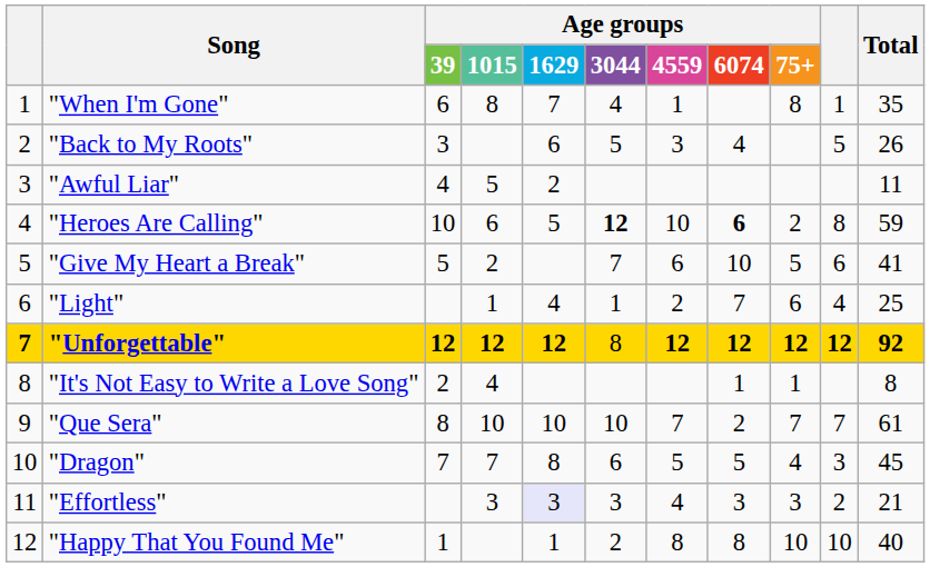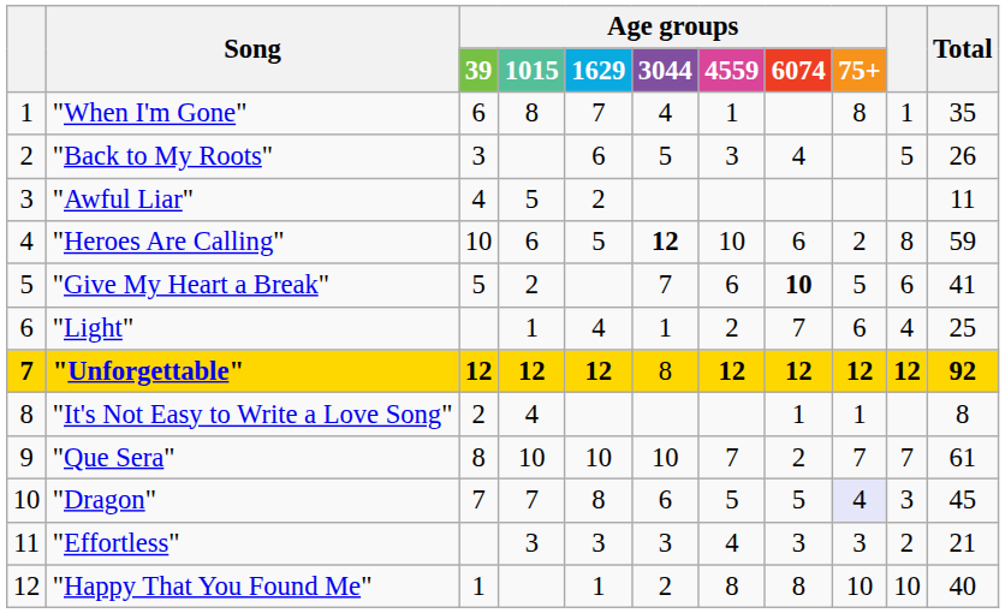 <table class="wikitable" style="margin: 1em auto 1em auto; text-align:center;">
 <tr>
 <th rowspan="2"></th>
 <th rowspan="2">Song</th>
 <th colspan="7">Age groups</th>
 <th rowspan="2"></th>
 <th rowspan="2">Total</th>
 </tr>
 <tr>
 <th style="background:#76C043;color:white;">39</th>
 <th style="background:#55BF9A;color:white;">1015</th>
 <th style="background:#09AAE0;color:white;">1629</th>
 <th style="background:#804F9F;color:white;">3044</th>
 <th style="background:#D94599;color:white;">4559</th>
 <th style="background:#ED3E23;color:white;">6074</th>
 <th style="background:#F6931D;color:white;">75+</th>
 </tr>
 <tr>
 <td>1</td>
 <td align="left">"<a href='#'>When I'm Gone</a>"</td>
 <td>6</td>
 <td>8</td>
 <td>7</td>
 <td>4</td>
 <td>1</td>
 <td></td>
 <td>8</td>
 <td>1</td>
 <td>35</td>
 </tr>
 <tr>
 <td>2</td>
 <td align="left">"<a href='#'>Back to My Roots</a>"</td>
 <td>3</td>
 <td></td>
 <td>6</td>
 <td>5</td>
 <td>3</td>
 <td>4</td>
 <td></td>
 <td>5</td>
 <td>26</td>
 </tr>
 <tr>
 <td>3</td>
 <td align="left">"<a href='#'>Awful Liar</a>"</td>
 <td>4</td>
 <td>5</td>
 <td>2</td>
 <td></td>
 <td></td>
 <td></td>
 <td></td>
 <td></td>
 <td>11</td>
 </tr>
 <tr>
 <td>4</td>
 <td align="left">"<a href='#'>Heroes Are Calling</a>"</td>
 <td>10</td>
 <td>6</td>
 <td>5</td>
 <td><strong>12</strong></td>
 <td>10</td>
-<td><strong>6</strong></td>
+<td>6</td>
 <td>2</td>
 <td>8</td>
 <td>59</td>
 </tr>
 <tr>
 <td>5</td>
 <td align="left">"<a href='#'>Give My Heart a Break</a>"</td>
 <td>5</td>
 <td>2</td>
 <td></td>
 <td>7</td>
 <td>6</td>
-<td>10</td>
+<td><strong>10</strong></td>
 <td>5</td>
 <td>6</td>
 <td>41</td>
 </tr>
 <tr>
 <td>6</td>
 <td align="left">"<a href='#'>Light</a>"</td>
 <td></td>
 <td>1</td>
 <td>4</td>
 <td>1</td>
 <td>2</td>
 <td>7</td>
 <td>6</td>
 <td>4</td>
 <td>25</td>
 </tr>
 <tr style="background:gold;">
 <td><strong>7</strong></td>
 <td align="left"><strong>"<a href='#'>Unforgettable</a>"</strong></td>
 <td><strong>12</strong></td>
 <td><strong>12</strong></td>
 <td><strong>12</strong></td>
 <td>8</td>
 <td><strong>12</strong></td>
 <td><strong>12</strong></td>
 <td><strong>12</strong></td>
 <td><strong>12</strong></td>
 <td><strong>92</strong></td>
 </tr>
 <tr>
 <td>8</td>
 <td align="left">"<a href='#'>It's Not Easy to Write a Love Song</a>"</td>
 <td>2</td>
 <td>4</td>
 <td></td>
 <td></td>
 <td></td>
 <td>1</td>
 <td>1</td>
 <td></td>
 <td>8</td>
 </tr>
 <tr>
 <td>9</td>
 <td align="left">"<a href='#'>Que Sera</a>"</td>
 <td>8</td>
 <td>10</td>
 <td>10</td>
 <td>10</td>
 <td>7</td>
 <td>2</td>
 <td>7</td>
 <td>7</td>
 <td>61</td>
 </tr>
 <tr>
 <td>10</td>
 <td align="left">"<a href='#'>Dragon</a>"</td>
 <td>7</td>
 <td>7</td>
 <td>8</td>
 <td>6</td>
 <td>5</td>
 <td>5</td>
-<td>4</td>
+<td style="background: lavender;">4</td>
 <td>3</td>
 <td>45</td>
 </tr>
 <tr>
 <td>11</td>
 <td align="left">"<a href='#'>Effortless</a>"</td>
 <td></td>
 <td>3</td>
-<td style="background: lavender;">3</td>
+<td>3</td>
 <td>3</td>
 <td>4</td>
 <td>3</td>
 <td>3</td>
 <td>2</td>
 <td>21</td>
 </tr>
 <tr>
 <td>12</td>
 <td align="left">"<a href='#'>Happy That You Found Me</a>"</td>
 <td>1</td>
 <td></td>
 <td>1</td>
 <td>2</td>
 <td>8</td>
 <td>8</td>
 <td>10</td>
 <td>10</td>
 <td>40</td>
 </tr>
 </table>
